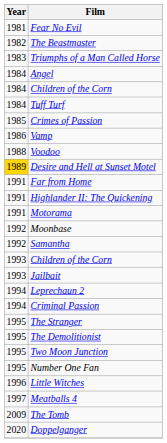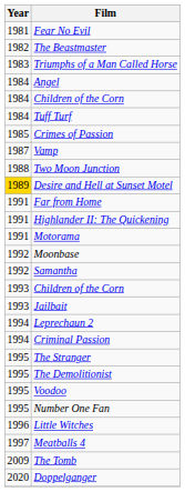 <table class="wikitable sortable">
 <tr>
 <th>Year</th>
 <th>Film</th>
 </tr>
 <tr>
 <td>1981</td>
 <td><em><a href='#'>Fear No Evil</a></em></td>
 </tr>
 <tr>
 <td>1982</td>
 <td><em><a href='#'>The Beastmaster</a></em></td>
 </tr>
 <tr>
 <td>1983</td>
 <td><em><a href='#'>Triumphs of a Man Called Horse</a></em></td>
 </tr>
 <tr>
 <td>1984</td>
 <td><em><a href='#'>Angel</a></em></td>
 </tr>
 <tr>
 <td>1984</td>
 <td><em><a href='#'>Children of the Corn</a></em></td>
 </tr>
 <tr>
 <td>1984</td>
 <td><em><a href='#'>Tuff Turf</a></em></td>
 </tr>
 <tr>
 <td>1985</td>
 <td><em><a href='#'>Crimes of Passion</a></em></td>
 </tr>
 <tr>
-<td>1986</td>
+<td>1987</td>
 <td><em><a href='#'>Vamp</a></em></td>
 </tr>
 <tr>
 <td>1988</td>
-<td><em><a href='#'>Voodoo</a></em></td>
+<td><em><a href='#'>Two Moon Junction</a></em></td>
 </tr>
 <tr>
 <td style="background: gold;">1989</td>
 <td><em><a href='#'>Desire and Hell at Sunset Motel</a></em></td>
 </tr>
 <tr>
 <td>1991</td>
 <td><em><a href='#'>Far from Home</a></em></td>
 </tr>
 <tr>
 <td>1991</td>
 <td><em><a href='#'>Highlander II: The Quickening</a></em></td>
 </tr>
 <tr>
 <td>1991</td>
 <td><em><a href='#'>Motorama</a></em></td>
 </tr>
 <tr>
 <td>1992</td>
 <td><em>Moonbase</em></td>
 </tr>
 <tr>
 <td>1992</td>
 <td><em><a href='#'>Samantha</a></em></td>
 </tr>
 <tr>
 <td>1993</td>
 <td><em><a href='#'>Children of the Corn</a></em></td>
 </tr>
 <tr>
 <td>1993</td>
 <td><em><a href='#'>Jailbait</a></em></td>
 </tr>
 <tr>
 <td>1994</td>
 <td><em><a href='#'>Leprechaun 2</a></em></td>
 </tr>
 <tr>
 <td>1994</td>
 <td><em><a href='#'>Criminal Passion</a></em></td>
 </tr>
 <tr>
 <td>1995</td>
 <td><em><a href='#'>The Stranger</a></em></td>
 </tr>
 <tr>
 <td>1995</td>
 <td><em><a href='#'>The Demolitionist</a></em></td>
 </tr>
 <tr>
 <td>1995</td>
-<td><em><a href='#'>Two Moon Junction</a></em></td>
+<td><em><a href='#'>Voodoo</a></em></td>
 </tr>
 <tr>
 <td>1995</td>
 <td><em>Number One Fan</em></td>
 </tr>
 <tr>
 <td>1996</td>
 <td><em><a href='#'>Little Witches</a></em></td>
 </tr>
 <tr>
 <td>1997</td>
 <td><em><a href='#'>Meatballs 4</a></em></td>
 </tr>
 <tr>
 <td>2009</td>
 <td><em><a href='#'>The Tomb</a></em></td>
 </tr>
 <tr>
 <td>2020</td>
 <td><em><a href='#'>Doppelganger</a></em></td>
 </tr>
 <tr>
 </tr>
 </table>
